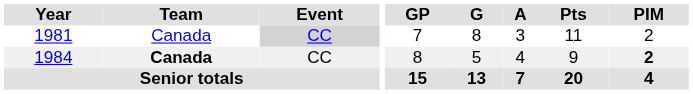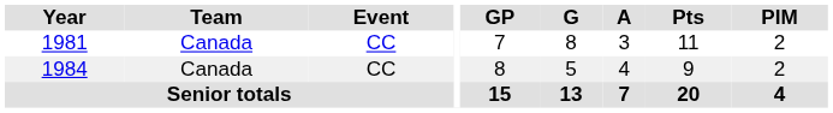 <table border="0" cellpadding="1" cellspacing="0" ID="Table3" style="text-align:center; width:40em">
 <tr style="background:#e0e0e0;">
 <th>Year</th>
 <th>Team</th>
 <th>Event</th>
 <th rowspan="102" style="background:#fff;"></th>
 <th>GP</th>
 <th>G</th>
 <th>A</th>
 <th>Pts</th>
 <th>PIM</th>
 </tr>
 <tr>
 <td><a href='#'>1981</a></td>
 <td><a href='#'>Canada</a></td>
-<td style="background: lightgrey;"><a href='#'>CC</a></td>
+<td><a href='#'>CC</a></td>
 <td>7</td>
 <td>8</td>
 <td>3</td>
 <td>11</td>
 <td>2</td>
 </tr>
 <tr bgcolor="#f0f0f0">
 <td><a href='#'>1984</a></td>
-<td><strong>Canada</strong></td>
+<td>Canada</td>
 <td>CC</td>
 <td>8</td>
 <td>5</td>
 <td>4</td>
 <td>9</td>
-<td><strong>2</strong></td>
+<td>2</td>
 </tr>
 <tr bgcolor="#e0e0e0">
 <th colspan="3">Senior totals</th>
 <th>15</th>
 <th>13</th>
 <th>7</th>
 <th>20</th>
 <th>4</th>
 </tr>
 </table>
